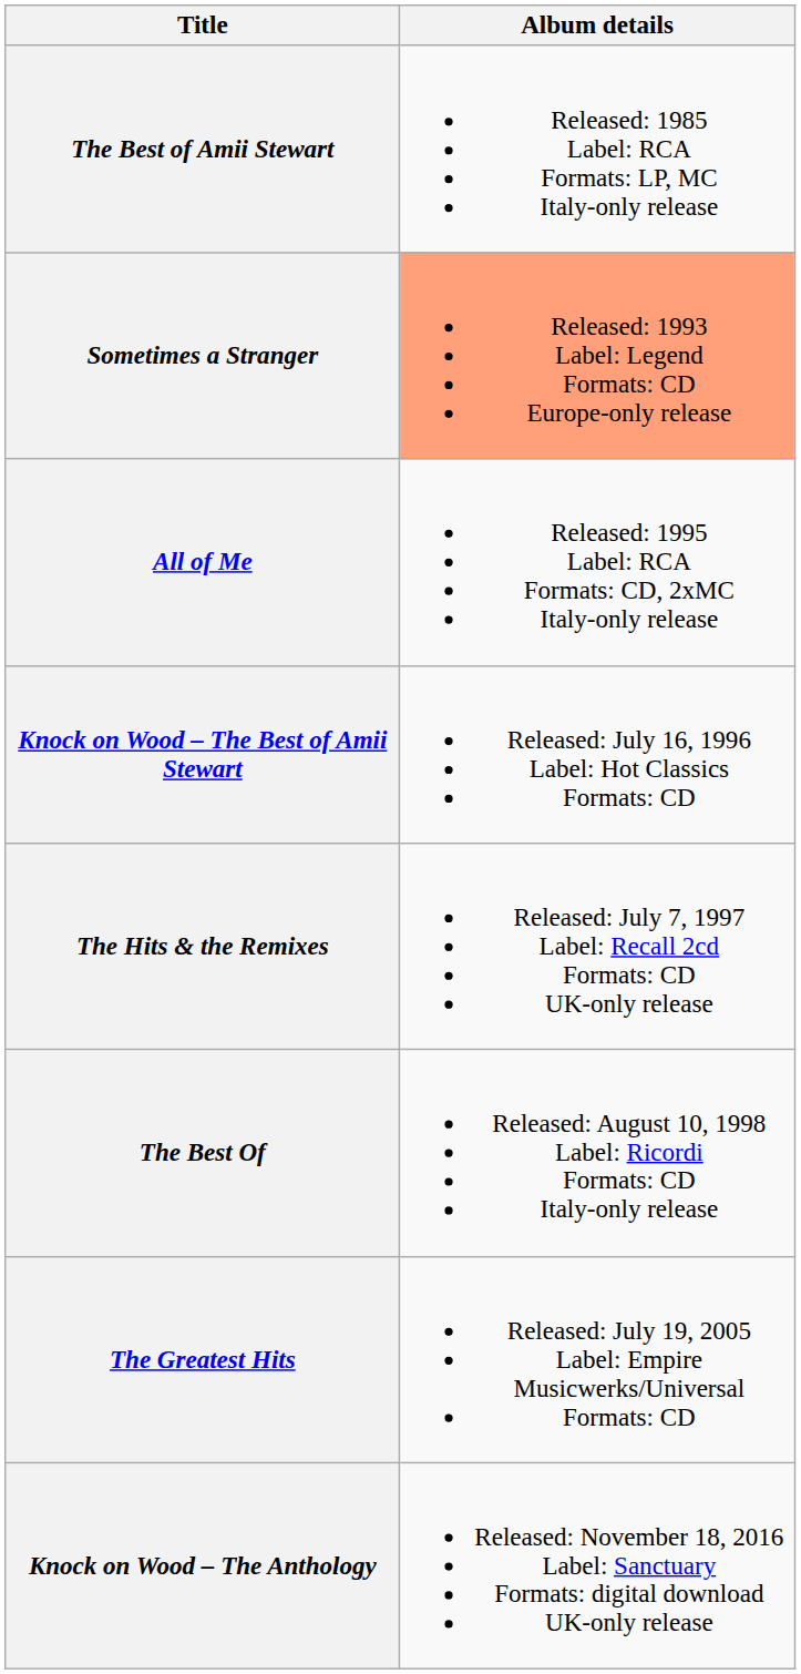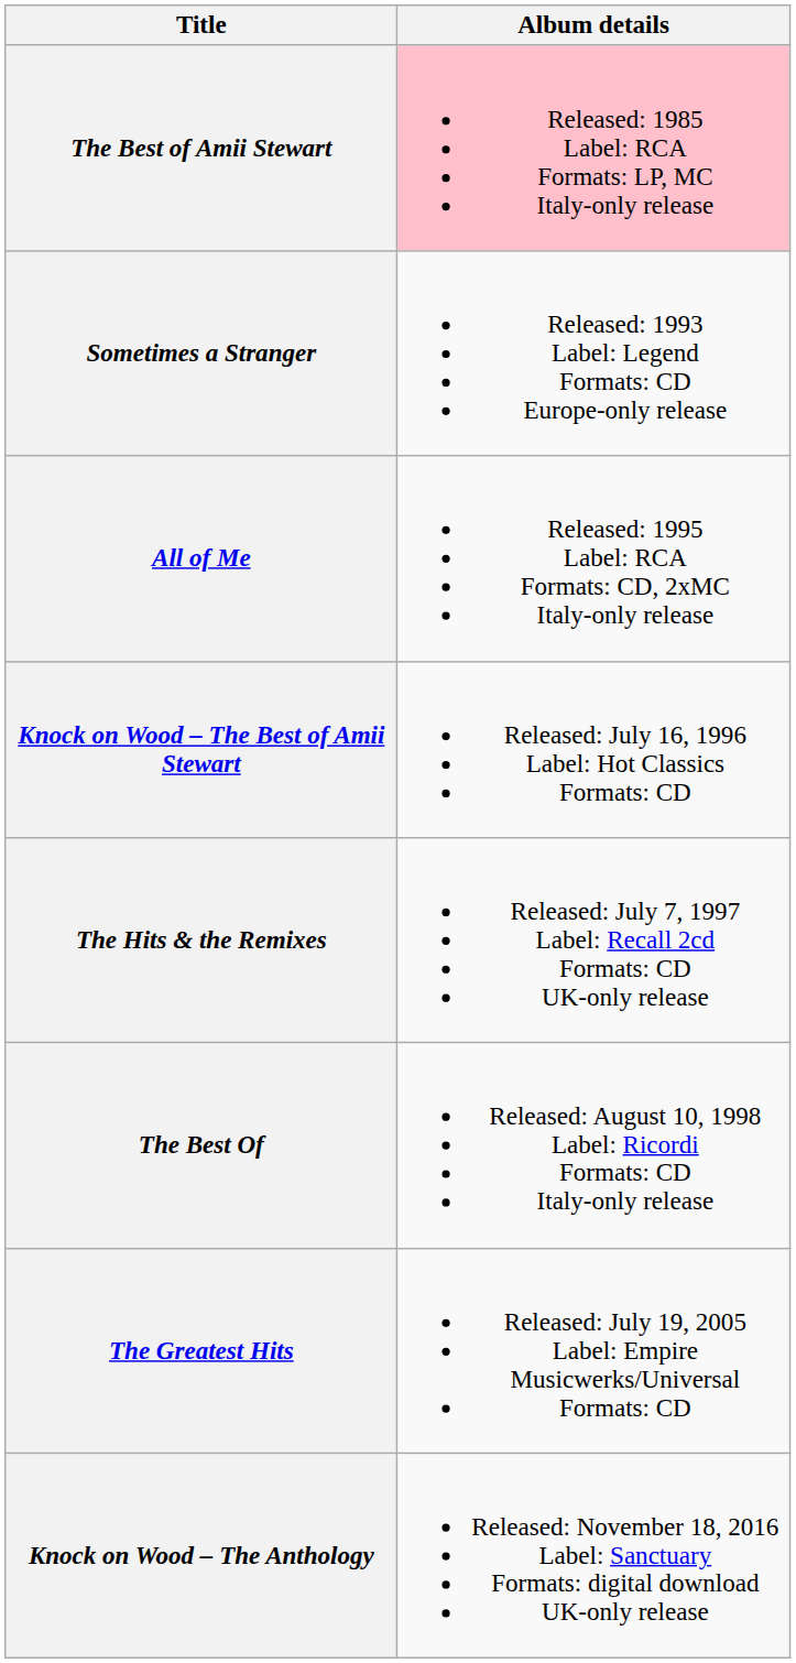 <table class="wikitable plainrowheaders" style="text-align:center;">
 <tr>
 <th scope="col" style="width:15em;">Title</th>
 <th scope="col" style="width:15em;">Album details</th>
 </tr>
 <tr>
 <th scope="row"><em>The Best of Amii Stewart</em></th>
-<td><br><ul><li>Released: 1985</li><li>Label: RCA</li><li>Formats: LP, MC</li><li>Italy-only release</li></ul></td>
+<td style="background: pink;"><br><ul><li>Released: 1985</li><li>Label: RCA</li><li>Formats: LP, MC</li><li>Italy-only release</li></ul></td>
 </tr>
 <tr>
 <th scope="row"><em>Sometimes a Stranger</em></th>
-<td style="background: lightsalmon;"><br><ul><li>Released: 1993</li><li>Label: Legend</li><li>Formats: CD</li><li>Europe-only release</li></ul></td>
+<td><br><ul><li>Released: 1993</li><li>Label: Legend</li><li>Formats: CD</li><li>Europe-only release</li></ul></td>
 </tr>
 <tr>
 <th scope="row"><em><a href='#'>All of Me</a></em></th>
 <td><br><ul><li>Released: 1995</li><li>Label: RCA</li><li>Formats: CD, 2xMC</li><li>Italy-only release</li></ul></td>
 </tr>
 <tr>
 <th scope="row"><em><a href='#'>Knock on Wood – The Best of Amii Stewart</a></em></th>
 <td><br><ul><li>Released: July 16, 1996</li><li>Label: Hot Classics</li><li>Formats: CD</li></ul></td>
 </tr>
 <tr>
 <th scope="row"><em>The Hits & the Remixes</em></th>
 <td><br><ul><li>Released: July 7, 1997</li><li>Label: <a href='#'>Recall 2cd</a></li><li>Formats: CD</li><li>UK-only release</li></ul></td>
 </tr>
 <tr>
 <th scope="row"><em>The Best Of</em></th>
 <td><br><ul><li>Released: August 10, 1998</li><li>Label: <a href='#'>Ricordi</a></li><li>Formats: CD</li><li>Italy-only release</li></ul></td>
 </tr>
 <tr>
 <th scope="row"><em><a href='#'>The Greatest Hits</a></em></th>
 <td><br><ul><li>Released: July 19, 2005</li><li>Label: Empire Musicwerks/Universal</li><li>Formats: CD</li></ul></td>
 </tr>
 <tr>
 <th scope="row"><em>Knock on Wood – The Anthology</em></th>
 <td><br><ul><li>Released: November 18, 2016</li><li>Label: <a href='#'>Sanctuary</a></li><li>Formats: digital download</li><li>UK-only release</li></ul></td>
 </tr>
 </table>
